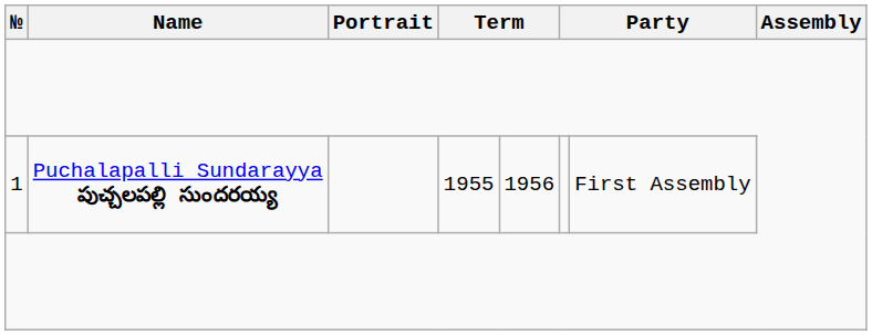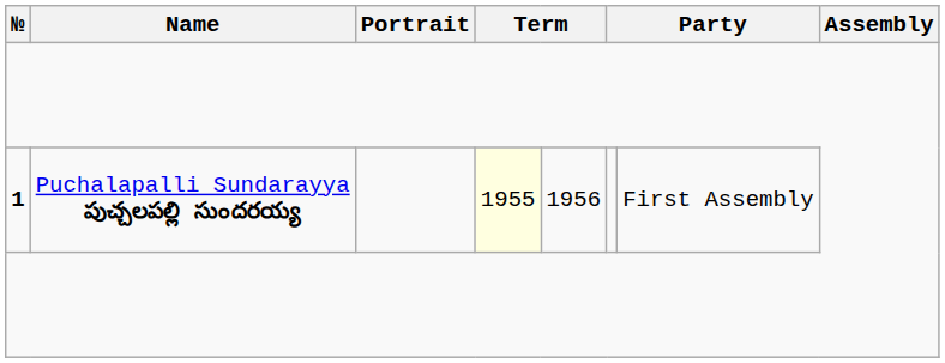 <table class="wikitable sortable">
 <tr>
 <th scope=col>№</th>
 <th scope=col>Name<br></th>
 <th scope=col>Portrait</th>
 <th colspan="2" scope="col" scope="col">Term</th>
 <th colspan="2" scope="col">Party</th>
 <th scope=col>Assembly<br></th>
 </tr>
 <tr style="text-align:center; height:60px;">
 </tr>
 <tr style="text-align:center; height:60px;">
-<td>1</td>
+<td><strong>1</strong></td>
 <td><a href='#'>Puchalapalli Sundarayya</a><br><strong>పుచ్చలపల్లి సుందరయ్య</strong> <br></td>
 <td></td>
-<td>1955</td>
+<td style="background: lightyellow;">1955</td>
 <td>1956</td>
 <td></td>
 <td>First Assembly<br></td>
 </tr>
 <tr style="text-align:center; height:60px;">
 </tr>
 </table>
